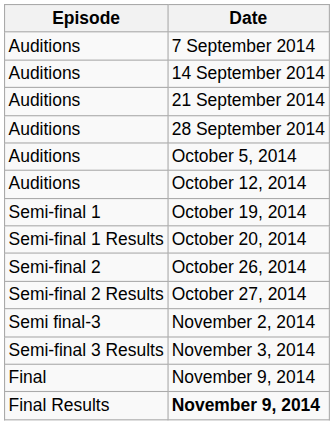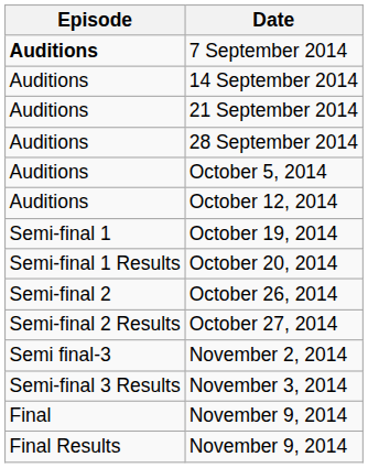 <table class="wikitable">
 <tr>
 <th>Episode</th>
 <th>Date</th>
 </tr>
 <tr>
-<td>Auditions</td>
+<td><strong>Auditions</strong></td>
 <td>7 September 2014</td>
 </tr>
 <tr>
 <td>Auditions</td>
 <td>14 September 2014</td>
 </tr>
 <tr>
 <td>Auditions</td>
 <td>21 September 2014</td>
 </tr>
 <tr>
 <td>Auditions</td>
 <td>28 September 2014</td>
 </tr>
 <tr>
 <td>Auditions</td>
 <td>October 5, 2014</td>
 </tr>
 <tr>
 <td>Auditions</td>
 <td>October 12, 2014</td>
 </tr>
 <tr>
 <td>Semi-final 1</td>
 <td>October 19, 2014</td>
 </tr>
 <tr>
 <td>Semi-final 1 Results</td>
 <td>October 20, 2014</td>
 </tr>
 <tr>
 <td>Semi-final 2</td>
 <td>October 26, 2014</td>
 </tr>
 <tr>
 <td>Semi-final 2 Results</td>
 <td>October 27, 2014</td>
 </tr>
 <tr>
 <td>Semi final-3</td>
 <td>November 2, 2014</td>
 </tr>
 <tr>
 <td>Semi-final 3 Results</td>
 <td>November 3, 2014</td>
 </tr>
 <tr>
 <td>Final</td>
 <td>November 9, 2014</td>
 </tr>
 <tr>
 <td>Final Results</td>
-<td><strong>November 9, 2014</strong></td>
+<td>November 9, 2014</td>
 </tr>
 </table>
